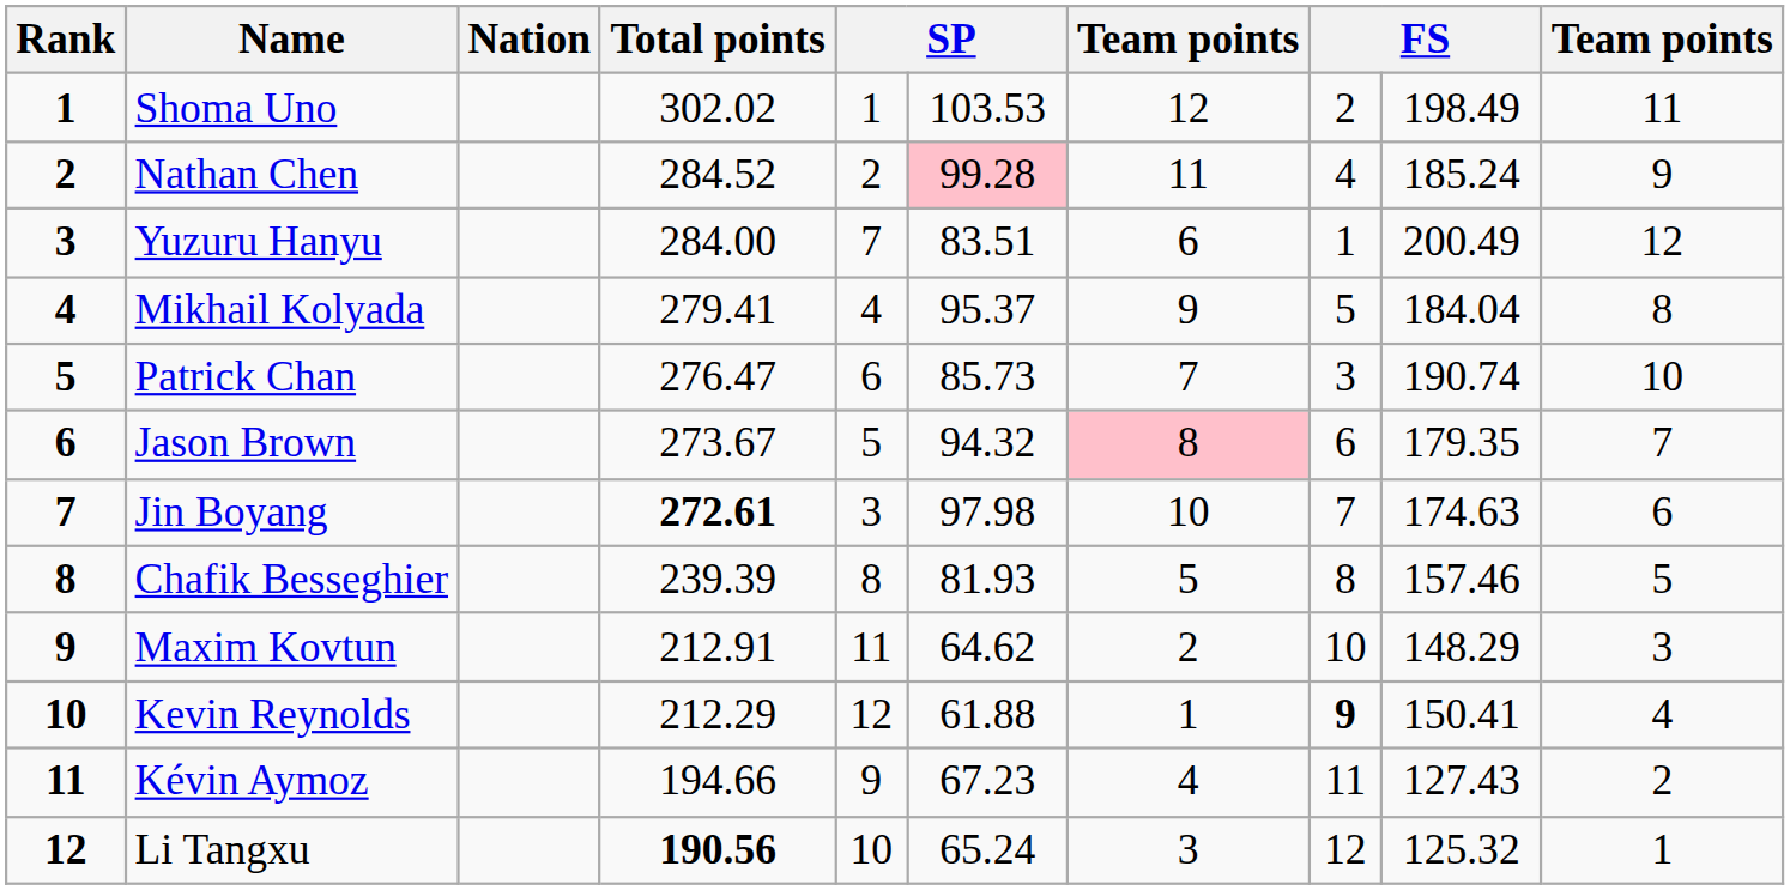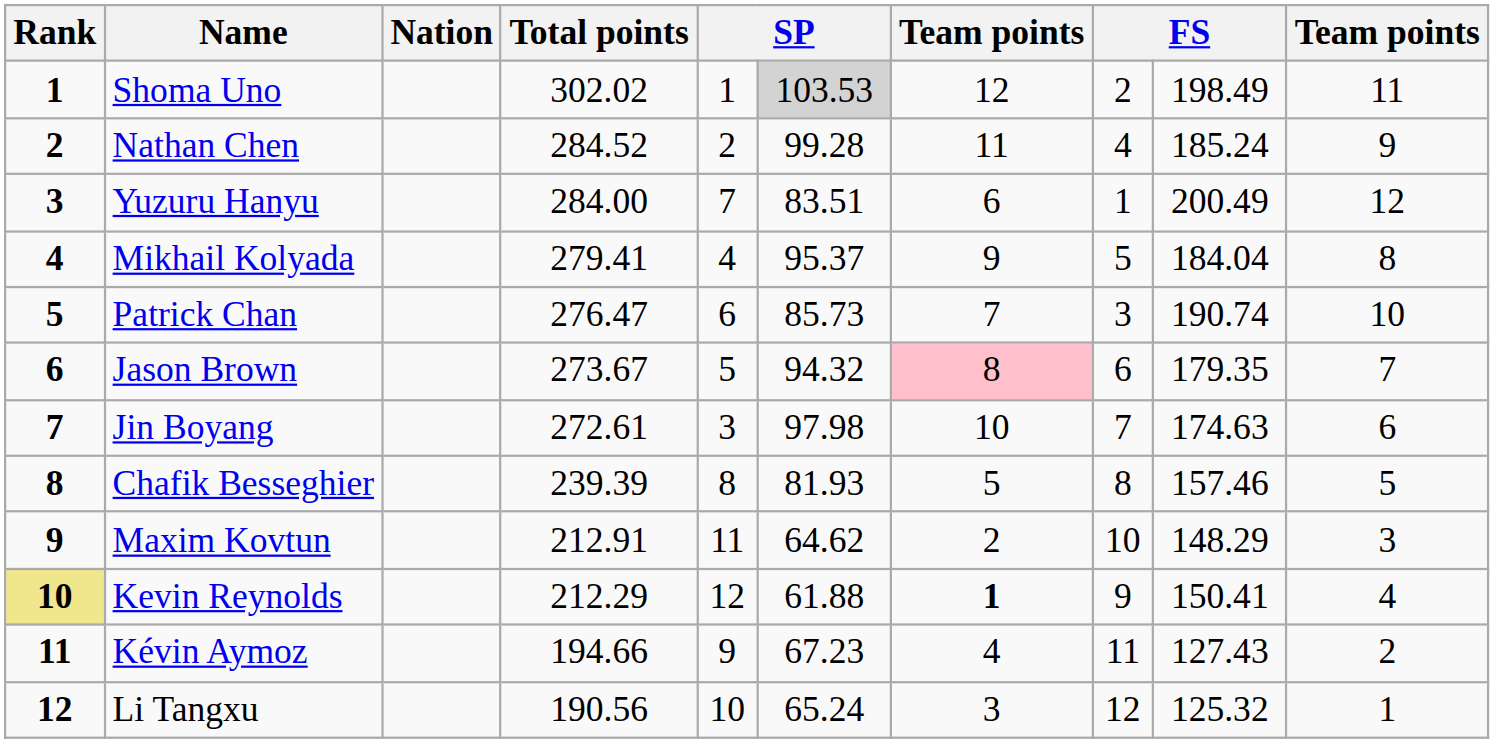 <table class="wikitable sortable">
 <tr>
 <th>Rank</th>
 <th>Name</th>
 <th>Nation</th>
 <th>Total points</th>
 <th colspan="2" width="80px"><a href='#'>SP</a></th>
 <th>Team points</th>
 <th colspan="2" width="80px"><a href='#'>FS</a></th>
 <th>Team points</th>
 </tr>
 <tr>
 <td style="text-align: center;"><strong>1</strong></td>
 <td><a href='#'>Shoma Uno</a></td>
 <td></td>
 <td style="text-align: center;">302.02</td>
 <td style="text-align: center;">1</td>
-<td style="text-align: center;">103.53</td>
+<td style="background: lightgrey; text-align: center;">103.53</td>
 <td style="text-align: center;">12</td>
 <td style="text-align: center;">2</td>
 <td style="text-align: center;">198.49</td>
 <td style="text-align: center;">11</td>
 </tr>
 <tr>
 <td style="text-align: center;"><strong>2</strong></td>
 <td><a href='#'>Nathan Chen</a></td>
 <td></td>
 <td style="text-align: center;">284.52</td>
 <td style="text-align: center;">2</td>
-<td style="background: pink; text-align: center;">99.28</td>
+<td style="text-align: center;">99.28</td>
 <td style="text-align: center;">11</td>
 <td style="text-align: center;">4</td>
 <td style="text-align: center;">185.24</td>
 <td style="text-align: center;">9</td>
 </tr>
 <tr>
 <td style="text-align: center;"><strong>3</strong></td>
 <td><a href='#'>Yuzuru Hanyu</a></td>
 <td></td>
 <td style="text-align: center;">284.00</td>
 <td style="text-align: center;">7</td>
 <td style="text-align: center;">83.51</td>
 <td style="text-align: center;">6</td>
 <td style="text-align: center;">1</td>
 <td style="text-align: center;">200.49</td>
 <td style="text-align: center;">12</td>
 </tr>
 <tr>
 <td style="text-align: center;"><strong>4</strong></td>
 <td><a href='#'>Mikhail Kolyada</a></td>
 <td></td>
 <td style="text-align: center;">279.41</td>
 <td style="text-align: center;">4</td>
 <td style="text-align: center;">95.37</td>
 <td style="text-align: center;">9</td>
 <td style="text-align: center;">5</td>
 <td style="text-align: center;">184.04</td>
 <td style="text-align: center;">8</td>
 </tr>
 <tr>
 <td style="text-align: center;"><strong>5</strong></td>
 <td><a href='#'>Patrick Chan</a></td>
 <td></td>
 <td style="text-align: center;">276.47</td>
 <td style="text-align: center;">6</td>
 <td style="text-align: center;">85.73</td>
 <td style="text-align: center;">7</td>
 <td style="text-align: center;">3</td>
 <td style="text-align: center;">190.74</td>
 <td style="text-align: center;">10</td>
 </tr>
 <tr>
 <td style="text-align: center;"><strong>6</strong></td>
 <td><a href='#'>Jason Brown</a></td>
 <td></td>
 <td style="text-align: center;">273.67</td>
 <td style="text-align: center;">5</td>
 <td style="text-align: center;">94.32</td>
 <td style="background: pink; text-align: center;">8</td>
 <td style="text-align: center;">6</td>
 <td style="text-align: center;">179.35</td>
 <td style="text-align: center;">7</td>
 </tr>
 <tr>
 <td style="text-align: center;"><strong>7</strong></td>
 <td><a href='#'>Jin Boyang</a></td>
 <td></td>
-<td style="text-align: center;"><strong>272.61</strong></td>
+<td style="text-align: center;">272.61</td>
 <td style="text-align: center;">3</td>
 <td style="text-align: center;">97.98</td>
 <td style="text-align: center;">10</td>
 <td style="text-align: center;">7</td>
 <td style="text-align: center;">174.63</td>
 <td style="text-align: center;">6</td>
 </tr>
 <tr>
 <td style="text-align: center;"><strong>8</strong></td>
 <td><a href='#'>Chafik Besseghier</a></td>
 <td></td>
 <td style="text-align: center;">239.39</td>
 <td style="text-align: center;">8</td>
 <td style="text-align: center;">81.93</td>
 <td style="text-align: center;">5</td>
 <td style="text-align: center;">8</td>
 <td style="text-align: center;">157.46</td>
 <td style="text-align: center;">5</td>
 </tr>
 <tr>
 <td style="text-align: center;"><strong>9</strong></td>
 <td><a href='#'>Maxim Kovtun</a></td>
 <td></td>
 <td style="text-align: center;">212.91</td>
 <td style="text-align: center;">11</td>
 <td style="text-align: center;">64.62</td>
 <td style="text-align: center;">2</td>
 <td style="text-align: center;">10</td>
 <td style="text-align: center;">148.29</td>
 <td style="text-align: center;">3</td>
 </tr>
 <tr>
-<td style="text-align: center;"><strong>10</strong></td>
+<td style="background: khaki; text-align: center;"><strong>10</strong></td>
 <td><a href='#'>Kevin Reynolds</a></td>
 <td></td>
 <td style="text-align: center;">212.29</td>
 <td style="text-align: center;">12</td>
 <td style="text-align: center;">61.88</td>
-<td style="text-align: center;">1</td>
-<td style="text-align: center;"><strong>9</strong></td>
+<td style="text-align: center;"><strong>1</strong></td>
+<td style="text-align: center;">9</td>
 <td style="text-align: center;">150.41</td>
 <td style="text-align: center;">4</td>
 </tr>
 <tr>
 <td style="text-align: center;"><strong>11</strong></td>
 <td><a href='#'>Kévin Aymoz</a></td>
 <td></td>
 <td style="text-align: center;">194.66</td>
 <td style="text-align: center;">9</td>
 <td style="text-align: center;">67.23</td>
 <td style="text-align: center;">4</td>
 <td style="text-align: center;">11</td>
 <td style="text-align: center;">127.43</td>
 <td style="text-align: center;">2</td>
 </tr>
 <tr>
 <td style="text-align: center;"><strong>12</strong></td>
 <td>Li Tangxu</td>
 <td></td>
-<td style="text-align: center;"><strong>190.56</strong></td>
+<td style="text-align: center;">190.56</td>
 <td style="text-align: center;">10</td>
 <td style="text-align: center;">65.24</td>
 <td style="text-align: center;">3</td>
 <td style="text-align: center;">12</td>
 <td style="text-align: center;">125.32</td>
 <td style="text-align: center;">1</td>
 </tr>
 </table>
